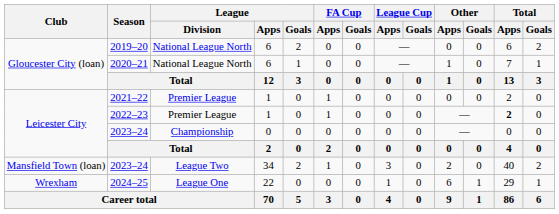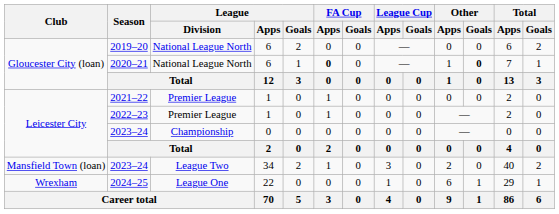 <table class="wikitable" style="text-align: center;">
 <tr>
 <th rowspan="2">Club</th>
 <th rowspan="2">Season</th>
 <th colspan="3">League</th>
 <th colspan="2"><a href='#'>FA Cup</a></th>
 <th colspan="2"><a href='#'>League Cup</a></th>
 <th colspan="2">Other</th>
 <th colspan="2">Total</th>
 </tr>
 <tr>
 <th>Division</th>
 <th>Apps</th>
 <th>Goals</th>
 <th>Apps</th>
 <th>Goals</th>
 <th>Apps</th>
 <th>Goals</th>
 <th>Apps</th>
 <th>Goals</th>
 <th>Apps</th>
 <th>Goals</th>
 </tr>
 <tr>
 <td rowspan="3"><a href='#'>Gloucester City</a> (loan)</td>
 <td><a href='#'>2019–20</a></td>
 <td><a href='#'>National League North</a></td>
 <td>6</td>
 <td>2</td>
 <td>0</td>
 <td>0</td>
 <td colspan="2">—</td>
 <td>0</td>
 <td>0</td>
 <td>6</td>
 <td>2</td>
 </tr>
 <tr>
 <td><a href='#'>2020–21</a></td>
 <td>National League North</td>
 <td>6</td>
 <td>1</td>
-<td>0</td>
+<td><strong>0</strong></td>
 <td>0</td>
 <td colspan="2">—</td>
 <td>1</td>
-<td>0</td>
+<td><strong>0</strong></td>
 <td>7</td>
 <td>1</td>
 </tr>
 <tr>
 <th colspan="2">Total</th>
 <th>12</th>
 <th>3</th>
 <th>0</th>
 <th>0</th>
 <th>0</th>
 <th>0</th>
 <th>1</th>
 <th>0</th>
 <th>13</th>
 <th>3</th>
 </tr>
 <tr>
 <td rowspan=4><a href='#'>Leicester City</a></td>
 <td><a href='#'>2021–22</a></td>
 <td><a href='#'>Premier League</a></td>
 <td>1</td>
 <td>0</td>
 <td>1</td>
 <td>0</td>
 <td>0</td>
 <td>0</td>
 <td>0</td>
 <td>0</td>
 <td>2</td>
 <td>0</td>
 </tr>
 <tr>
 <td><a href='#'>2022–23</a></td>
 <td>Premier League</td>
 <td>1</td>
 <td>0</td>
 <td>1</td>
 <td>0</td>
 <td>0</td>
 <td>0</td>
 <td colspan="2">—</td>
-<td><strong>2</strong></td>
+<td>2</td>
 <td>0</td>
 </tr>
 <tr>
 <td><a href='#'>2023–24</a></td>
 <td><a href='#'>Championship</a></td>
 <td>0</td>
 <td>0</td>
 <td>0</td>
 <td>0</td>
 <td>0</td>
 <td>0</td>
 <td colspan="2">—</td>
 <td>0</td>
 <td>0</td>
 </tr>
 <tr>
 <th colspan="2">Total</th>
 <th>2</th>
 <th>0</th>
 <th>2</th>
 <th>0</th>
 <th>0</th>
 <th>0</th>
 <th>0</th>
 <th>0</th>
 <th>4</th>
 <th>0</th>
 </tr>
 <tr>
 <td><a href='#'>Mansfield Town</a> (loan)</td>
 <td><a href='#'>2023–24</a></td>
 <td><a href='#'>League Two</a></td>
 <td>34</td>
 <td>2</td>
 <td>1</td>
 <td>0</td>
 <td>3</td>
 <td>0</td>
 <td>2</td>
 <td>0</td>
 <td>40</td>
 <td>2</td>
 </tr>
 <tr>
 <td><a href='#'>Wrexham</a></td>
 <td><a href='#'>2024–25</a></td>
 <td><a href='#'>League One</a></td>
 <td>22</td>
 <td>0</td>
 <td>0</td>
 <td>0</td>
 <td>1</td>
 <td>0</td>
 <td>6</td>
 <td>1</td>
 <td>29</td>
 <td>1</td>
 </tr>
 <tr>
 <th colspan="3">Career total</th>
 <th>70</th>
 <th>5</th>
 <th>3</th>
 <th>0</th>
 <th>4</th>
 <th>0</th>
 <th>9</th>
 <th>1</th>
 <th>86</th>
 <th>6</th>
 </tr>
 </table>
